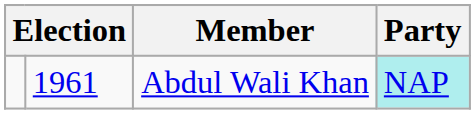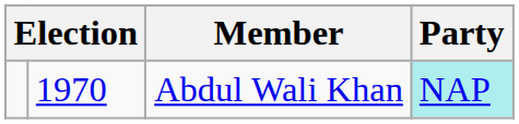 <table class="wikitable">
 <tr>
 <th colspan="2">Election</th>
 <th>Member</th>
 <th>Party</th>
 </tr>
 <tr>
 <td style="background-color: "></td>
-<td><a href='#'>1961</a></td>
+<td><a href='#'>1970</a></td>
 <td><a href='#'>Abdul Wali Khan</a></td>
 <td style="background: paleturquoise;"><a href='#'>NAP</a></td>
 </tr>
 </table>
